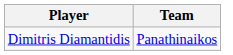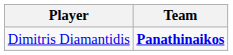 <table class="wikitable">
 <tr>
 <th>Player</th>
 <th>Team</th>
 </tr>
 <tr>
 <td> <a href='#'>Dimitris Diamantidis</a></td>
-<td><a href='#'>Panathinaikos</a></td>
+<td><strong><a href='#'>Panathinaikos</a></strong></td>
 </tr>
 </table>
